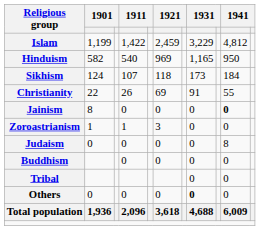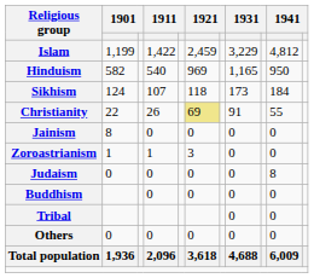 <table class="wikitable sortable">
 <tr>
 <th rowspan="2"><a href='#'>Religious</a><br>group</th>
 <th colspan="2">1901</th>
 <th colspan="2">1911</th>
 <th colspan="2">1921</th>
 <th colspan="2">1931</th>
 <th colspan="2">1941</th>
 </tr>
 <tr>
 <th><a href='#'></a></th>
 <th></th>
 <th></th>
 <th></th>
 <th></th>
 <th></th>
 <th></th>
 <th></th>
 <th></th>
 <th></th>
 </tr>
 <tr>
 <th><a href='#'>Islam</a> </th>
 <td>1,199</td>
 <td></td>
 <td>1,422</td>
 <td></td>
 <td>2,459</td>
 <td></td>
 <td>3,229</td>
 <td></td>
 <td>4,812</td>
 <td></td>
 </tr>
 <tr>
 <th><a href='#'>Hinduism</a> </th>
 <td>582</td>
 <td></td>
 <td>540</td>
 <td></td>
 <td>969</td>
 <td></td>
 <td>1,165</td>
 <td></td>
 <td>950</td>
 <td></td>
 </tr>
 <tr>
 <th><a href='#'>Sikhism</a> </th>
 <td>124</td>
 <td></td>
 <td>107</td>
 <td></td>
 <td>118</td>
 <td></td>
 <td>173</td>
 <td></td>
 <td>184</td>
 <td></td>
 </tr>
 <tr>
 <th><a href='#'>Christianity</a> </th>
 <td>22</td>
 <td></td>
 <td>26</td>
 <td></td>
-<td>69</td>
+<td style="background: khaki;">69</td>
 <td></td>
 <td>91</td>
 <td></td>
 <td>55</td>
 <td></td>
 </tr>
 <tr>
 <th><a href='#'>Jainism</a> </th>
 <td>8</td>
 <td></td>
 <td>0</td>
 <td></td>
 <td>0</td>
 <td></td>
 <td>0</td>
 <td></td>
-<td><strong>0</strong></td>
+<td>0</td>
 <td></td>
 </tr>
 <tr>
 <th><a href='#'>Zoroastrianism</a> </th>
 <td>1</td>
 <td></td>
 <td>1</td>
 <td></td>
 <td>3</td>
 <td></td>
 <td>0</td>
 <td></td>
 <td>0</td>
 <td></td>
 </tr>
 <tr>
 <th><a href='#'>Judaism</a> </th>
 <td>0</td>
 <td></td>
 <td>0</td>
 <td></td>
 <td>0</td>
 <td></td>
 <td>0</td>
 <td></td>
 <td>8</td>
 <td></td>
 </tr>
 <tr>
 <th><a href='#'>Buddhism</a> </th>
 <td></td>
 <td></td>
 <td>0</td>
 <td></td>
 <td>0</td>
 <td></td>
 <td>0</td>
 <td></td>
 <td>0</td>
 <td></td>
 </tr>
 <tr>
 <th><a href='#'>Tribal</a></th>
 <td></td>
 <td></td>
 <td></td>
 <td></td>
 <td></td>
 <td></td>
 <td>0</td>
 <td></td>
 <td>0</td>
 <td></td>
 </tr>
 <tr>
 <th>Others</th>
 <td>0</td>
 <td></td>
 <td>0</td>
 <td></td>
 <td>0</td>
 <td></td>
-<td><strong>0</strong></td>
+<td>0</td>
 <td></td>
 <td>0</td>
 <td></td>
 </tr>
 <tr>
 <th>Total population</th>
 <th>1,936</th>
 <th></th>
 <th>2,096</th>
 <th></th>
 <th>3,618</th>
 <th></th>
 <th>4,688</th>
 <th></th>
 <th>6,009</th>
 <th></th>
 </tr>
 <tr class="sortbottom">
 <td colspan="11"></td>
 </tr>
 </table>
